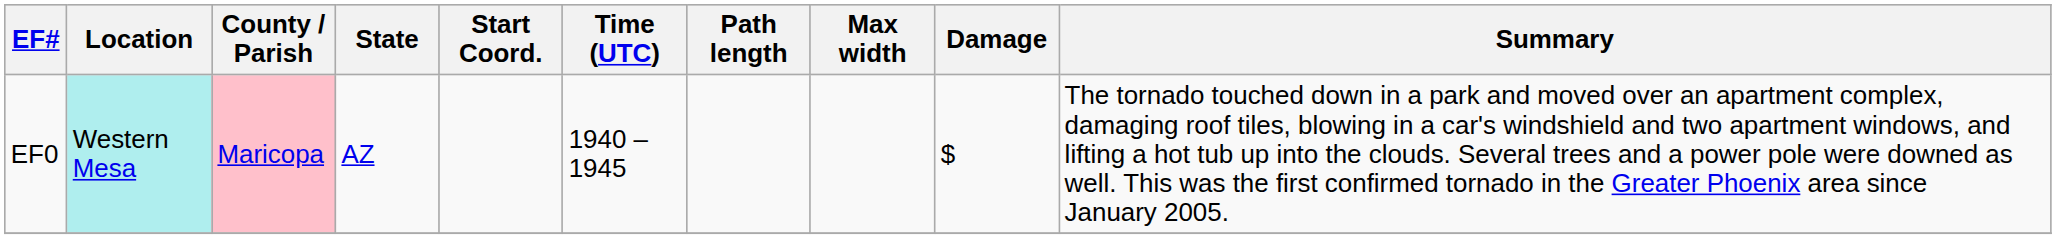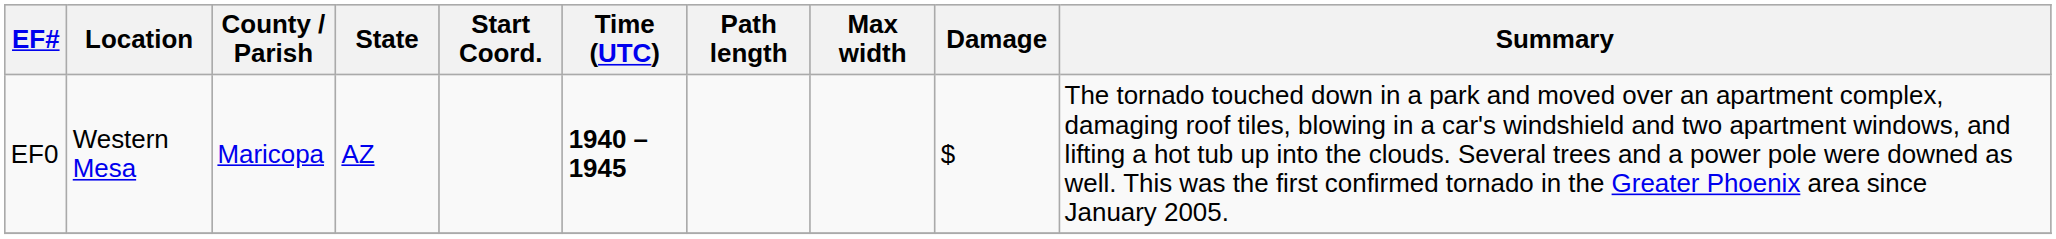 <table class="wikitable sortable" style="width:100%;">
 <tr>
 <th scope="col" width="3%" align="center"><a href='#'>EF#</a></th>
 <th scope="col" width="7%" align="center" class="unsortable">Location</th>
 <th scope="col" width="6%" align="center" class="unsortable">County / Parish</th>
 <th scope="col" width="5%" align="center">State</th>
 <th scope="col" width="6%" align="center">Start Coord.</th>
 <th scope="col" width="6%" align="center">Time (<a href='#'>UTC</a>)</th>
 <th scope="col" width="6%" align="center">Path length</th>
 <th scope="col" width="6%" align="center">Max width</th>
 <th scope="col" width="6%" align="center">Damage</th>
 <th scope="col" width="48%" class="unsortable" align="center">Summary</th>
 </tr>
 <tr>
 <td>EF0</td>
-<td style="background: paleturquoise;">Western <a href='#'>Mesa</a></td>
-<td style="background: pink;"><a href='#'>Maricopa</a></td>
+<td>Western <a href='#'>Mesa</a></td>
+<td><a href='#'>Maricopa</a></td>
 <td><a href='#'>AZ</a></td>
 <td></td>
-<td>1940 – 1945</td>
+<td><strong>1940 – 1945</strong></td>
 <td></td>
 <td></td>
 <td>$</td>
 <td>The tornado touched down in a park and moved over an apartment complex, damaging roof tiles, blowing in a car's windshield and two apartment windows, and lifting a hot tub up into the clouds. Several trees and a power pole were downed as well. This was the first confirmed tornado in the <a href='#'>Greater Phoenix</a> area since January 2005.</td>
 </tr>
 <tr>
 </tr>
 </table>
